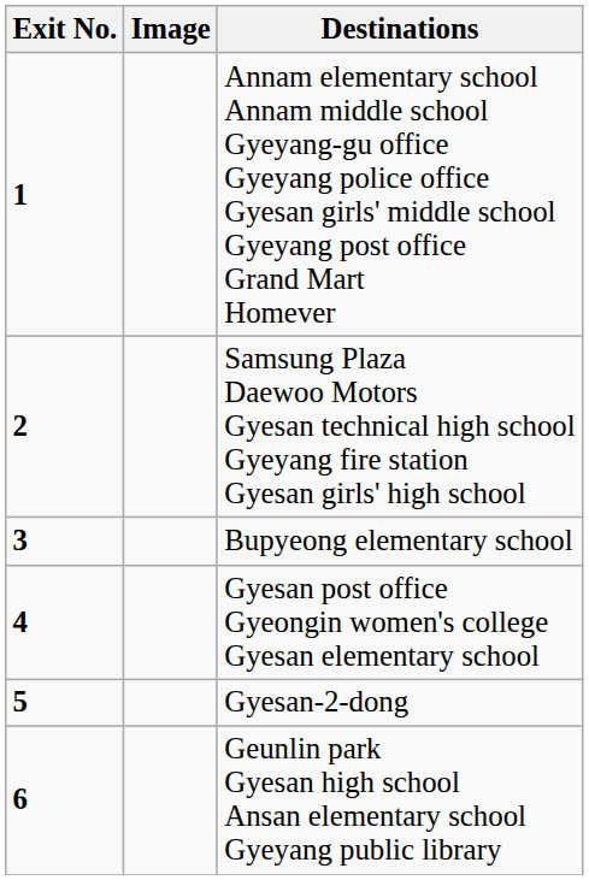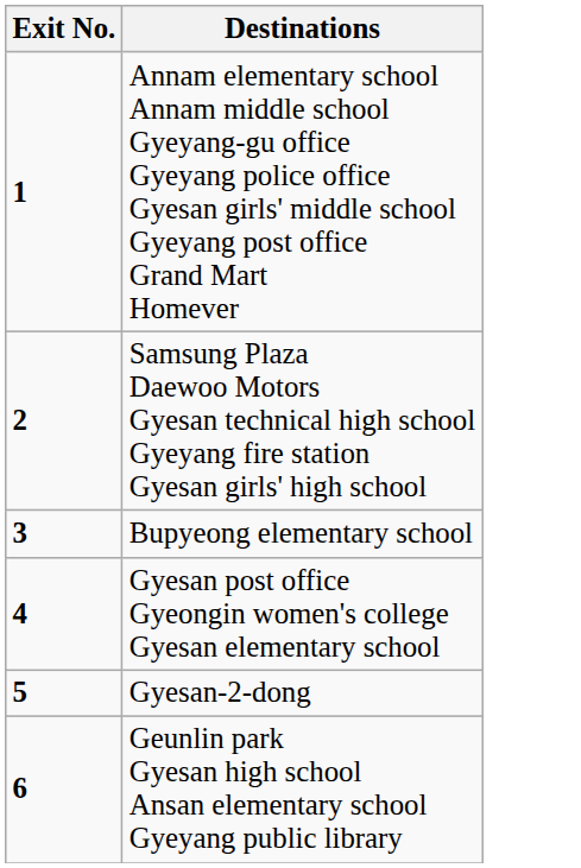 <table class="wikitable">
 <tr>
 <th>Exit No.</th>
-<th>Image</th>
 <th>Destinations</th>
 </tr>
 <tr>
 <td><strong>1</strong></td>
-<td></td>
 <td>Annam elementary school<br>Annam middle school<br>Gyeyang-gu office<br>Gyeyang police office<br>Gyesan girls' middle school<br>Gyeyang post office<br>Grand Mart<br>Homever</td>
 </tr>
 <tr>
 <td><strong>2</strong></td>
-<td></td>
 <td>Samsung Plaza<br>Daewoo Motors<br>Gyesan technical high school<br>Gyeyang fire station<br>Gyesan girls' high school</td>
 </tr>
 <tr>
 <td><strong>3</strong></td>
-<td></td>
 <td>Bupyeong elementary school</td>
 </tr>
 <tr>
 <td><strong>4</strong></td>
-<td></td>
 <td>Gyesan post office<br>Gyeongin women's college<br>Gyesan elementary school</td>
 </tr>
 <tr>
 <td><strong>5</strong></td>
-<td></td>
 <td>Gyesan-2-dong</td>
 </tr>
 <tr>
 <td><strong>6</strong></td>
-<td></td>
 <td>Geunlin park<br>Gyesan high school<br>Ansan elementary school<br>Gyeyang public library</td>
 </tr>
 </table>
